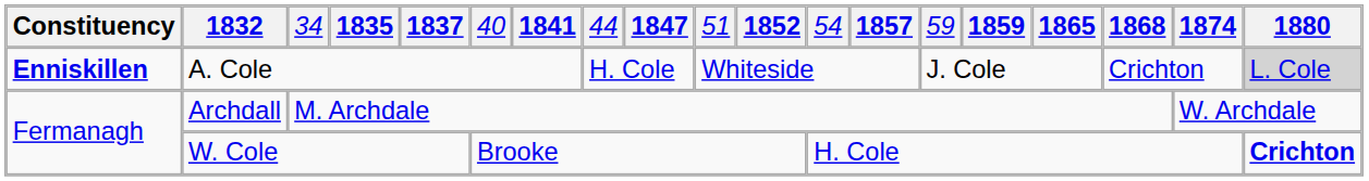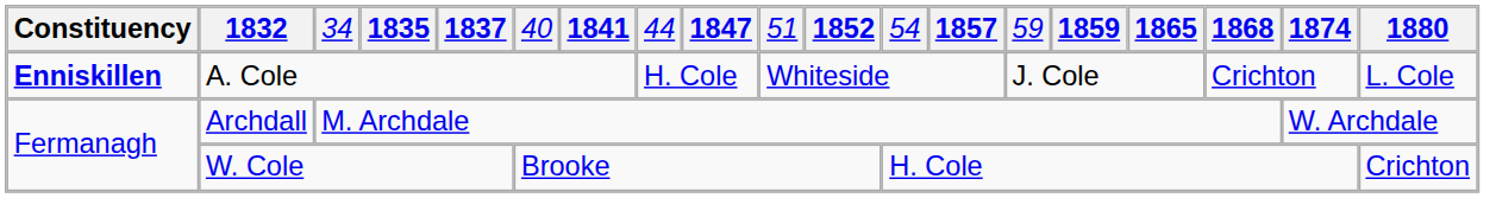 <table class="wikitable" style="border-collapse: separate; border-spacing: 0;">
 <tr>
 <th>Constituency</th>
 <th><a href='#'>1832</a></th>
 <th style="font-weight: normal;"><em><a href='#'>34</a></em></th>
 <th><a href='#'>1835</a></th>
 <th><a href='#'>1837</a></th>
 <th style="font-weight: normal;"><em><a href='#'>40</a></em></th>
 <th><a href='#'>1841</a></th>
 <th style="font-weight: normal;"><em><a href='#'>44</a></em></th>
 <th><a href='#'>1847</a></th>
 <th style="font-weight: normal;"><em><a href='#'>51</a></em></th>
 <th><a href='#'>1852</a></th>
 <th style="font-weight: normal;"><em><a href='#'>54</a></em></th>
 <th><a href='#'>1857</a></th>
 <th style="font-weight: normal;"><em><a href='#'>59</a></em></th>
 <th><a href='#'>1859</a></th>
 <th><a href='#'>1865</a></th>
 <th><a href='#'>1868</a></th>
 <th><a href='#'>1874</a></th>
 <th><a href='#'>1880</a></th>
 </tr>
 <tr>
 <td><strong><a href='#'>Enniskillen</a></strong></td>
 <td colspan="6">A. Cole</td>
 <td colspan="2"><a href='#'>H. Cole</a></td>
 <td colspan="4"><a href='#'>Whiteside</a></td>
 <td colspan="3">J. Cole</td>
 <td colspan="2"><a href='#'>Crichton</a></td>
-<td style="background: lightgrey;"><a href='#'>L. Cole</a></td>
+<td><a href='#'>L. Cole</a></td>
 </tr>
 <tr>
 <td rowspan="2"><a href='#'>Fermanagh</a></td>
 <td><a href='#'>Archdall</a></td>
 <td colspan="15"><a href='#'>M. Archdale</a></td>
 <td colspan="2"><a href='#'>W. Archdale</a></td>
 </tr>
 <tr>
 <td colspan="4"><a href='#'>W. Cole</a></td>
 <td colspan="6"><a href='#'>Brooke</a></td>
 <td colspan="7"><a href='#'>H. Cole</a></td>
-<td><strong><a href='#'>Crichton</a></strong></td>
+<td><a href='#'>Crichton</a></td>
 </tr>
 </table>
